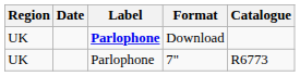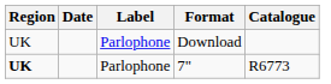 <table class="wikitable sortable">
 <tr>
 <th>Region</th>
 <th>Date</th>
 <th>Label</th>
 <th>Format</th>
 <th>Catalogue</th>
 </tr>
 <tr>
 <td>UK</td>
 <td></td>
-<td><strong><a href='#'>Parlophone</a></strong></td>
+<td><a href='#'>Parlophone</a></td>
 <td>Download</td>
 </tr>
 <tr>
-<td>UK</td>
+<td><strong>UK</strong></td>
 <td></td>
 <td>Parlophone</td>
 <td>7"</td>
 <td>R6773</td>
 </tr>
 </table>
